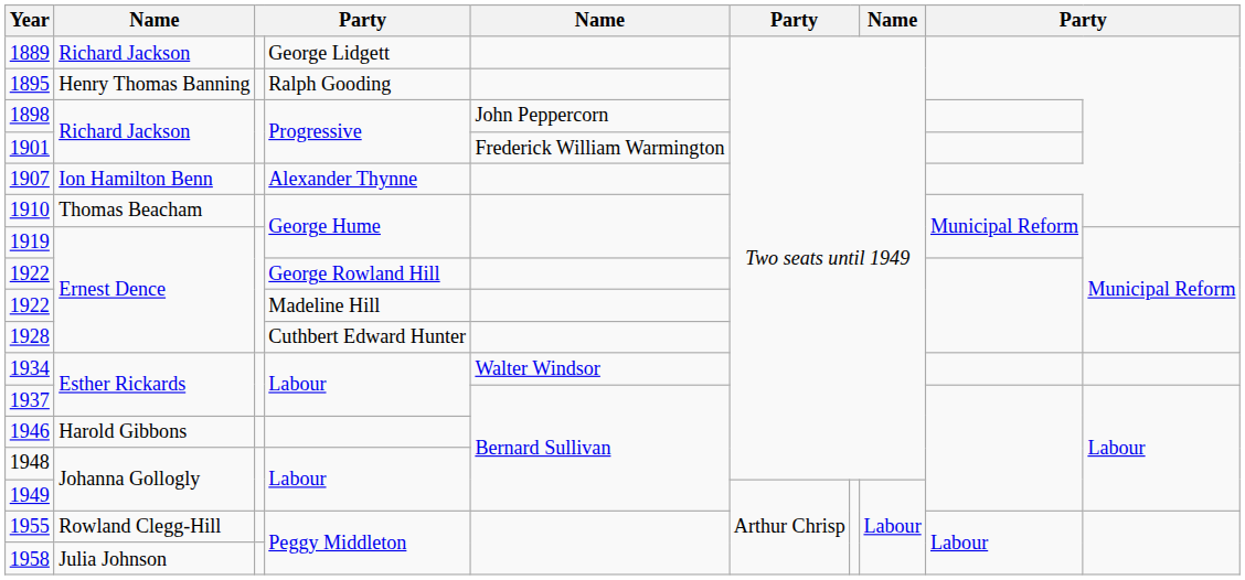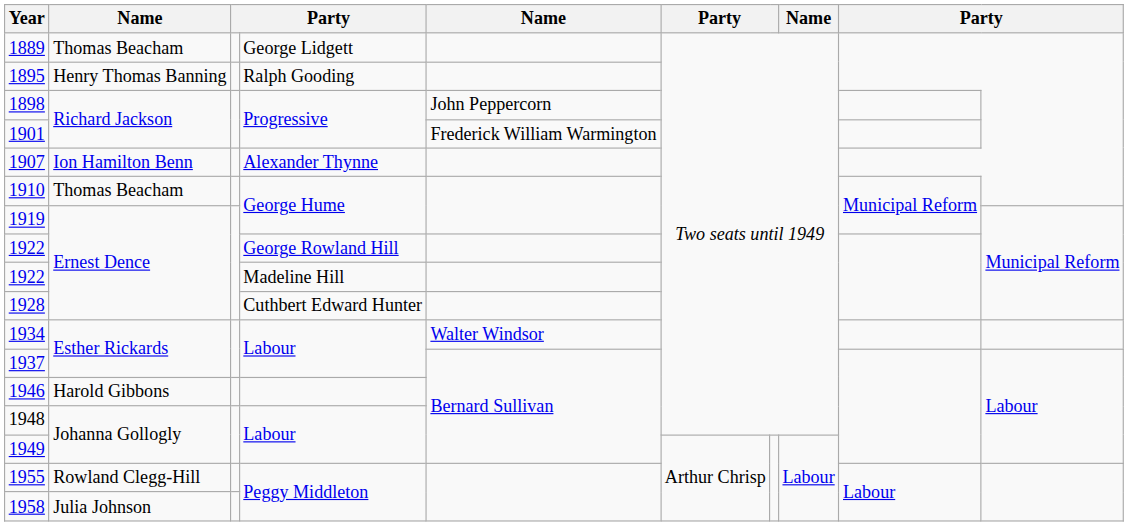 <table class="wikitable">
 <tr>
 <th>Year</th>
 <th>Name</th>
 <th colspan=2>Party</th>
 <th>Name</th>
 <th colspan=2>Party</th>
 <th>Name</th>
 <th colspan=2>Party</th>
 </tr>
 <tr>
 <td><a href='#'>1889</a></td>
-<td><a href='#'>Richard Jackson</a></td>
+<td>Thomas Beacham</td>
 <td></td>
 <td>George Lidgett</td>
 <td></td>
 <td rowspan=14 colspan=3 align="center"><em>Two seats until 1949</em></td>
 </tr>
 <tr>
 <td><a href='#'>1895</a></td>
 <td>Henry Thomas Banning</td>
 <td></td>
 <td>Ralph Gooding</td>
 <td></td>
 </tr>
 <tr>
 <td><a href='#'>1898</a></td>
 <td rowspan=2><a href='#'>Richard Jackson</a></td>
 <td rowspan=2 style="background-color: "></td>
 <td rowspan=2><a href='#'>Progressive</a></td>
 <td>John Peppercorn</td>
 <td></td>
 </tr>
 <tr>
 <td><a href='#'>1901</a></td>
 <td>Frederick William Warmington</td>
 <td></td>
 </tr>
 <tr>
 <td><a href='#'>1907</a></td>
 <td><a href='#'>Ion Hamilton Benn</a></td>
 <td></td>
 <td><a href='#'>Alexander Thynne</a></td>
 <td></td>
 </tr>
 <tr>
 <td><a href='#'>1910</a></td>
 <td>Thomas Beacham</td>
 <td></td>
 <td rowspan=2><a href='#'>George Hume</a></td>
 <td rowspan=2 style="background-color: "></td>
 <td rowspan=2><a href='#'>Municipal Reform</a></td>
 </tr>
 <tr>
 <td><a href='#'>1919</a></td>
 <td rowspan=4><a href='#'>Ernest Dence</a></td>
 <td rowspan=4 style="background-color: "></td>
 <td rowspan=4><a href='#'>Municipal Reform</a></td>
 </tr>
 <tr>
 <td><a href='#'>1922</a></td>
 <td><a href='#'>George Rowland Hill</a></td>
 <td></td>
 </tr>
 <tr>
 <td><a href='#'>1922</a></td>
 <td>Madeline Hill</td>
 <td></td>
 </tr>
 <tr>
 <td><a href='#'>1928</a></td>
 <td>Cuthbert Edward Hunter</td>
 <td></td>
 </tr>
 <tr>
 <td><a href='#'>1934</a></td>
 <td rowspan=2><a href='#'>Esther Rickards</a></td>
 <td rowspan=2 style="background-color: "></td>
 <td rowspan=2><a href='#'>Labour</a></td>
 <td><a href='#'>Walter Windsor</a></td>
 <td></td>
 </tr>
 <tr>
 <td><a href='#'>1937</a></td>
 <td rowspan=4><a href='#'>Bernard Sullivan</a></td>
 <td rowspan=4 style="background-color: "></td>
 <td rowspan=4><a href='#'>Labour</a></td>
 </tr>
 <tr>
 <td><a href='#'>1946</a></td>
 <td>Harold Gibbons</td>
 <td></td>
 </tr>
 <tr>
 <td>1948</td>
 <td rowspan=2>Johanna Gollogly</td>
 <td rowspan=2 style="background-color: "></td>
 <td rowspan=2><a href='#'>Labour</a></td>
 </tr>
 <tr>
 <td><a href='#'>1949</a></td>
 <td rowspan=3>Arthur Chrisp</td>
 <td rowspan=3 style="background-color: "></td>
 <td rowspan=3><a href='#'>Labour</a></td>
 </tr>
 <tr>
 <td><a href='#'>1955</a></td>
 <td>Rowland Clegg-Hill</td>
 <td></td>
 <td rowspan=2><a href='#'>Peggy Middleton</a></td>
 <td rowspan=2 style="background-color: "></td>
 <td rowspan=2><a href='#'>Labour</a></td>
 </tr>
 <tr>
 <td><a href='#'>1958</a></td>
 <td>Julia Johnson</td>
 <td></td>
 </tr>
 </table>
